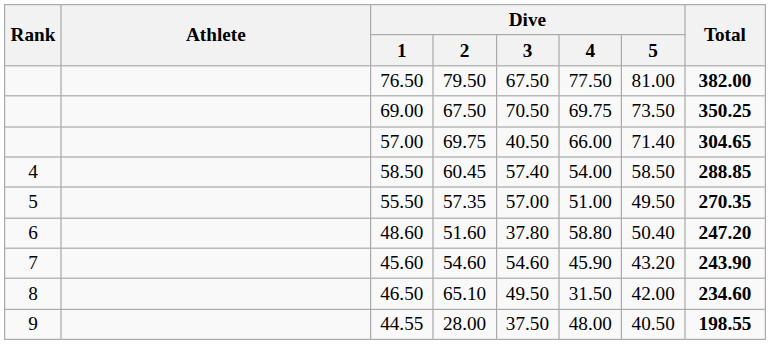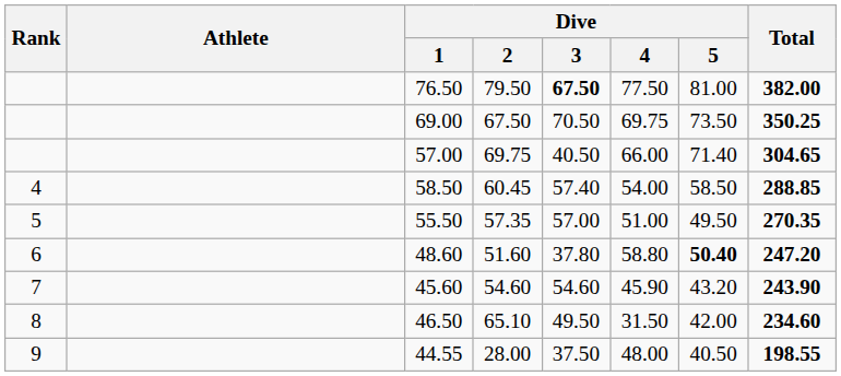 <table class=wikitable style="text-align:center">
 <tr>
 <th rowspan="2" width=40>Rank</th>
 <th rowspan="2" width=250>Athlete</th>
 <th colspan="5">Dive</th>
 <th rowspan="2" width=60>Total</th>
 </tr>
 <tr>
 <th width=45>1</th>
 <th width=45>2</th>
 <th width=45>3</th>
 <th width=45>4</th>
 <th width=45>5</th>
 </tr>
 <tr>
 <td></td>
 <td align=left></td>
 <td>76.50</td>
 <td>79.50</td>
-<td>67.50</td>
+<td><strong>67.50</strong></td>
 <td>77.50</td>
 <td>81.00</td>
 <td><strong>382.00</strong></td>
 </tr>
 <tr>
 <td></td>
 <td align=left></td>
 <td>69.00</td>
 <td>67.50</td>
 <td>70.50</td>
 <td>69.75</td>
 <td>73.50</td>
 <td><strong>350.25</strong></td>
 </tr>
 <tr>
 <td></td>
 <td align=left></td>
 <td>57.00</td>
 <td>69.75</td>
 <td>40.50</td>
 <td>66.00</td>
 <td>71.40</td>
 <td><strong>304.65</strong></td>
 </tr>
 <tr>
 <td>4</td>
 <td align=left></td>
 <td>58.50</td>
 <td>60.45</td>
 <td>57.40</td>
 <td>54.00</td>
 <td>58.50</td>
 <td><strong>288.85</strong></td>
 </tr>
 <tr>
 <td>5</td>
 <td align=left></td>
 <td>55.50</td>
 <td>57.35</td>
 <td>57.00</td>
 <td>51.00</td>
 <td>49.50</td>
 <td><strong>270.35</strong></td>
 </tr>
 <tr>
 <td>6</td>
 <td align=left></td>
 <td>48.60</td>
 <td>51.60</td>
 <td>37.80</td>
 <td>58.80</td>
-<td>50.40</td>
+<td><strong>50.40</strong></td>
 <td><strong>247.20</strong></td>
 </tr>
 <tr>
 <td>7</td>
 <td align=left></td>
 <td>45.60</td>
 <td>54.60</td>
 <td>54.60</td>
 <td>45.90</td>
 <td>43.20</td>
 <td><strong>243.90</strong></td>
 </tr>
 <tr>
 <td>8</td>
 <td align=left></td>
 <td>46.50</td>
 <td>65.10</td>
 <td>49.50</td>
 <td>31.50</td>
 <td>42.00</td>
 <td><strong>234.60</strong></td>
 </tr>
 <tr>
 <td>9</td>
 <td align=left></td>
 <td>44.55</td>
 <td>28.00</td>
 <td>37.50</td>
 <td>48.00</td>
 <td>40.50</td>
 <td><strong>198.55</strong></td>
 </tr>
 </table>
